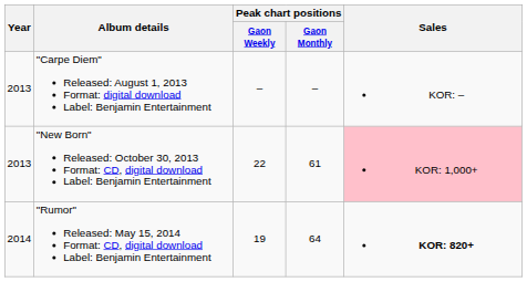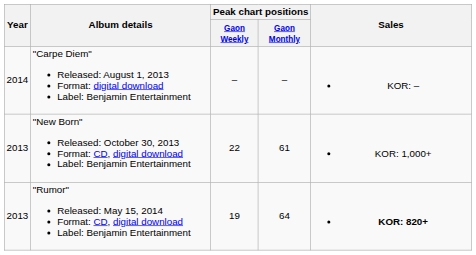 <table class="wikitable">
 <tr>
 <th rowspan="2">Year</th>
 <th rowspan="2" style="width:18em;">Album details</th>
 <th colspan="2">Peak chart positions</th>
 <th rowspan="2" style="width:16em;">Sales</th>
 </tr>
 <tr>
 <th><small><a href='#'>Gaon <br>Weekly</a></small></th>
 <th><small><a href='#'>Gaon <br>Monthly</a></small></th>
 </tr>
 <tr>
-<td>2013</td>
+<td>2014</td>
 <td>"Carpe Diem"<br><ul><li>Released: August 1, 2013</li><li>Format: <a href='#'>digital download</a></li><li>Label: Benjamin Entertainment</li></ul></td>
 <td style="text-align:center;">–</td>
 <td style="text-align:center;">–</td>
 <td style="text-align:center;"><br><ul><li>KOR: –</li></ul></td>
 </tr>
 <tr>
 <td>2013</td>
 <td>"New Born"<br><ul><li>Released: October 30, 2013</li><li>Format: <a href='#'>CD</a>, <a href='#'>digital download</a></li><li>Label: Benjamin Entertainment</li></ul></td>
 <td style="text-align:center;">22</td>
 <td style="text-align:center;">61</td>
-<td style="background: pink; text-align:center;"><br><ul><li>KOR: 1,000+</li></ul></td>
+<td style="text-align:center;"><br><ul><li>KOR: 1,000+</li></ul></td>
 </tr>
 <tr>
-<td>2014</td>
+<td>2013</td>
 <td>"Rumor"<br><ul><li>Released: May 15, 2014</li><li>Format: <a href='#'>CD</a>, <a href='#'>digital download</a></li><li>Label: Benjamin Entertainment</li></ul></td>
 <td style="text-align:center;">19</td>
 <td style="text-align:center;">64</td>
 <td style="text-align:center;"><strong><br><ul><li>KOR: 820+</li></ul></strong></td>
 </tr>
 </table>
